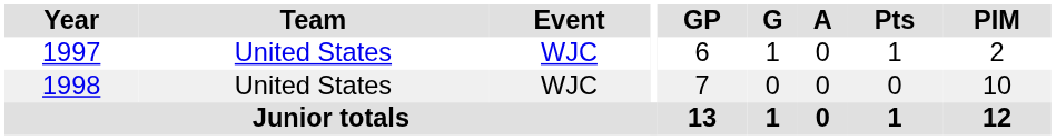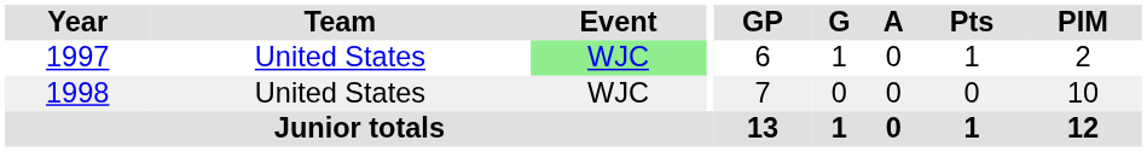 <table border="0" cellpadding="1" cellspacing="0" ID="Table3" style="text-align:center; width:40em">
 <tr bgcolor="#e0e0e0">
 <th>Year</th>
 <th>Team</th>
 <th>Event</th>
 <th rowspan="102" bgcolor="#ffffff"></th>
 <th>GP</th>
 <th>G</th>
 <th>A</th>
 <th>Pts</th>
 <th>PIM</th>
 </tr>
 <tr>
 <td><a href='#'>1997</a></td>
 <td><a href='#'>United States</a></td>
-<td><a href='#'>WJC</a></td>
+<td style="background: lightgreen;"><a href='#'>WJC</a></td>
 <td>6</td>
 <td>1</td>
 <td>0</td>
 <td>1</td>
 <td>2</td>
 </tr>
 <tr bgcolor="#f0f0f0">
 <td><a href='#'>1998</a></td>
 <td>United States</td>
 <td>WJC</td>
 <td>7</td>
 <td>0</td>
 <td>0</td>
 <td>0</td>
 <td>10</td>
 </tr>
 <tr bgcolor="#e0e0e0">
 <th colspan="4">Junior totals</th>
 <th>13</th>
 <th>1</th>
 <th>0</th>
 <th>1</th>
 <th>12</th>
 </tr>
 </table>
